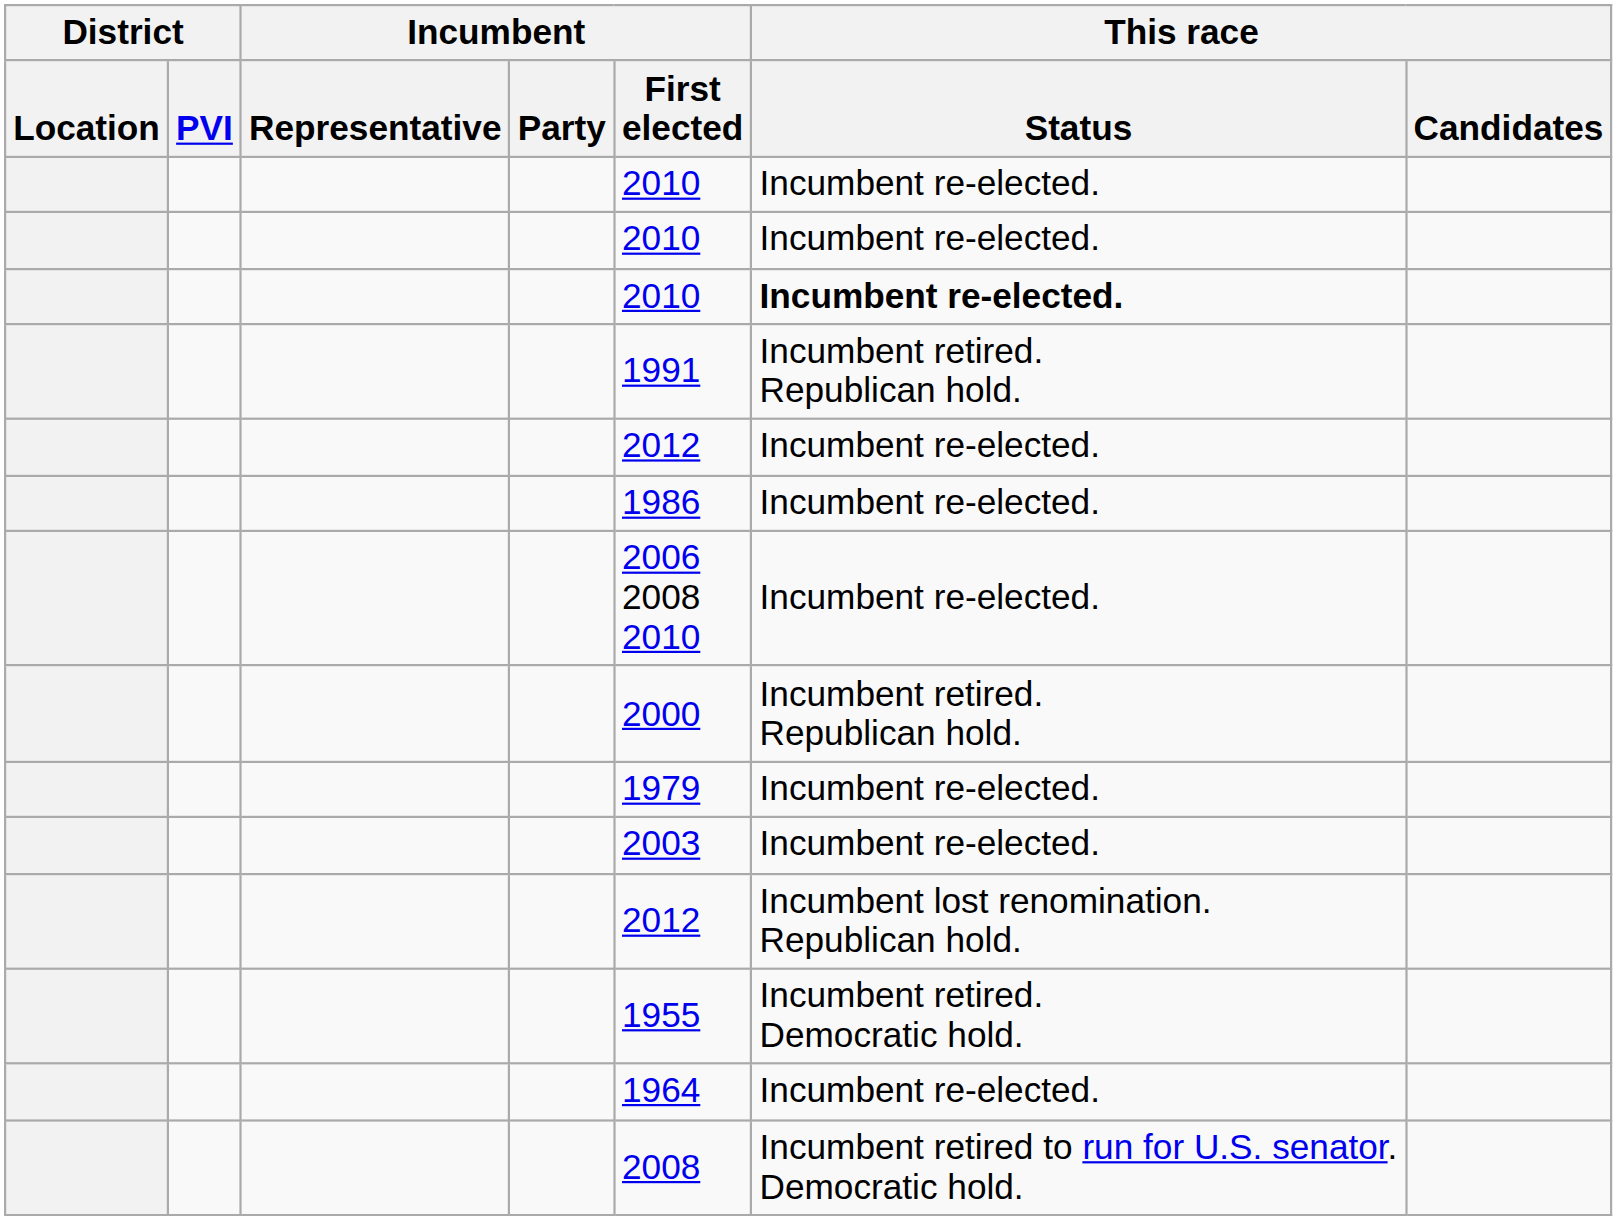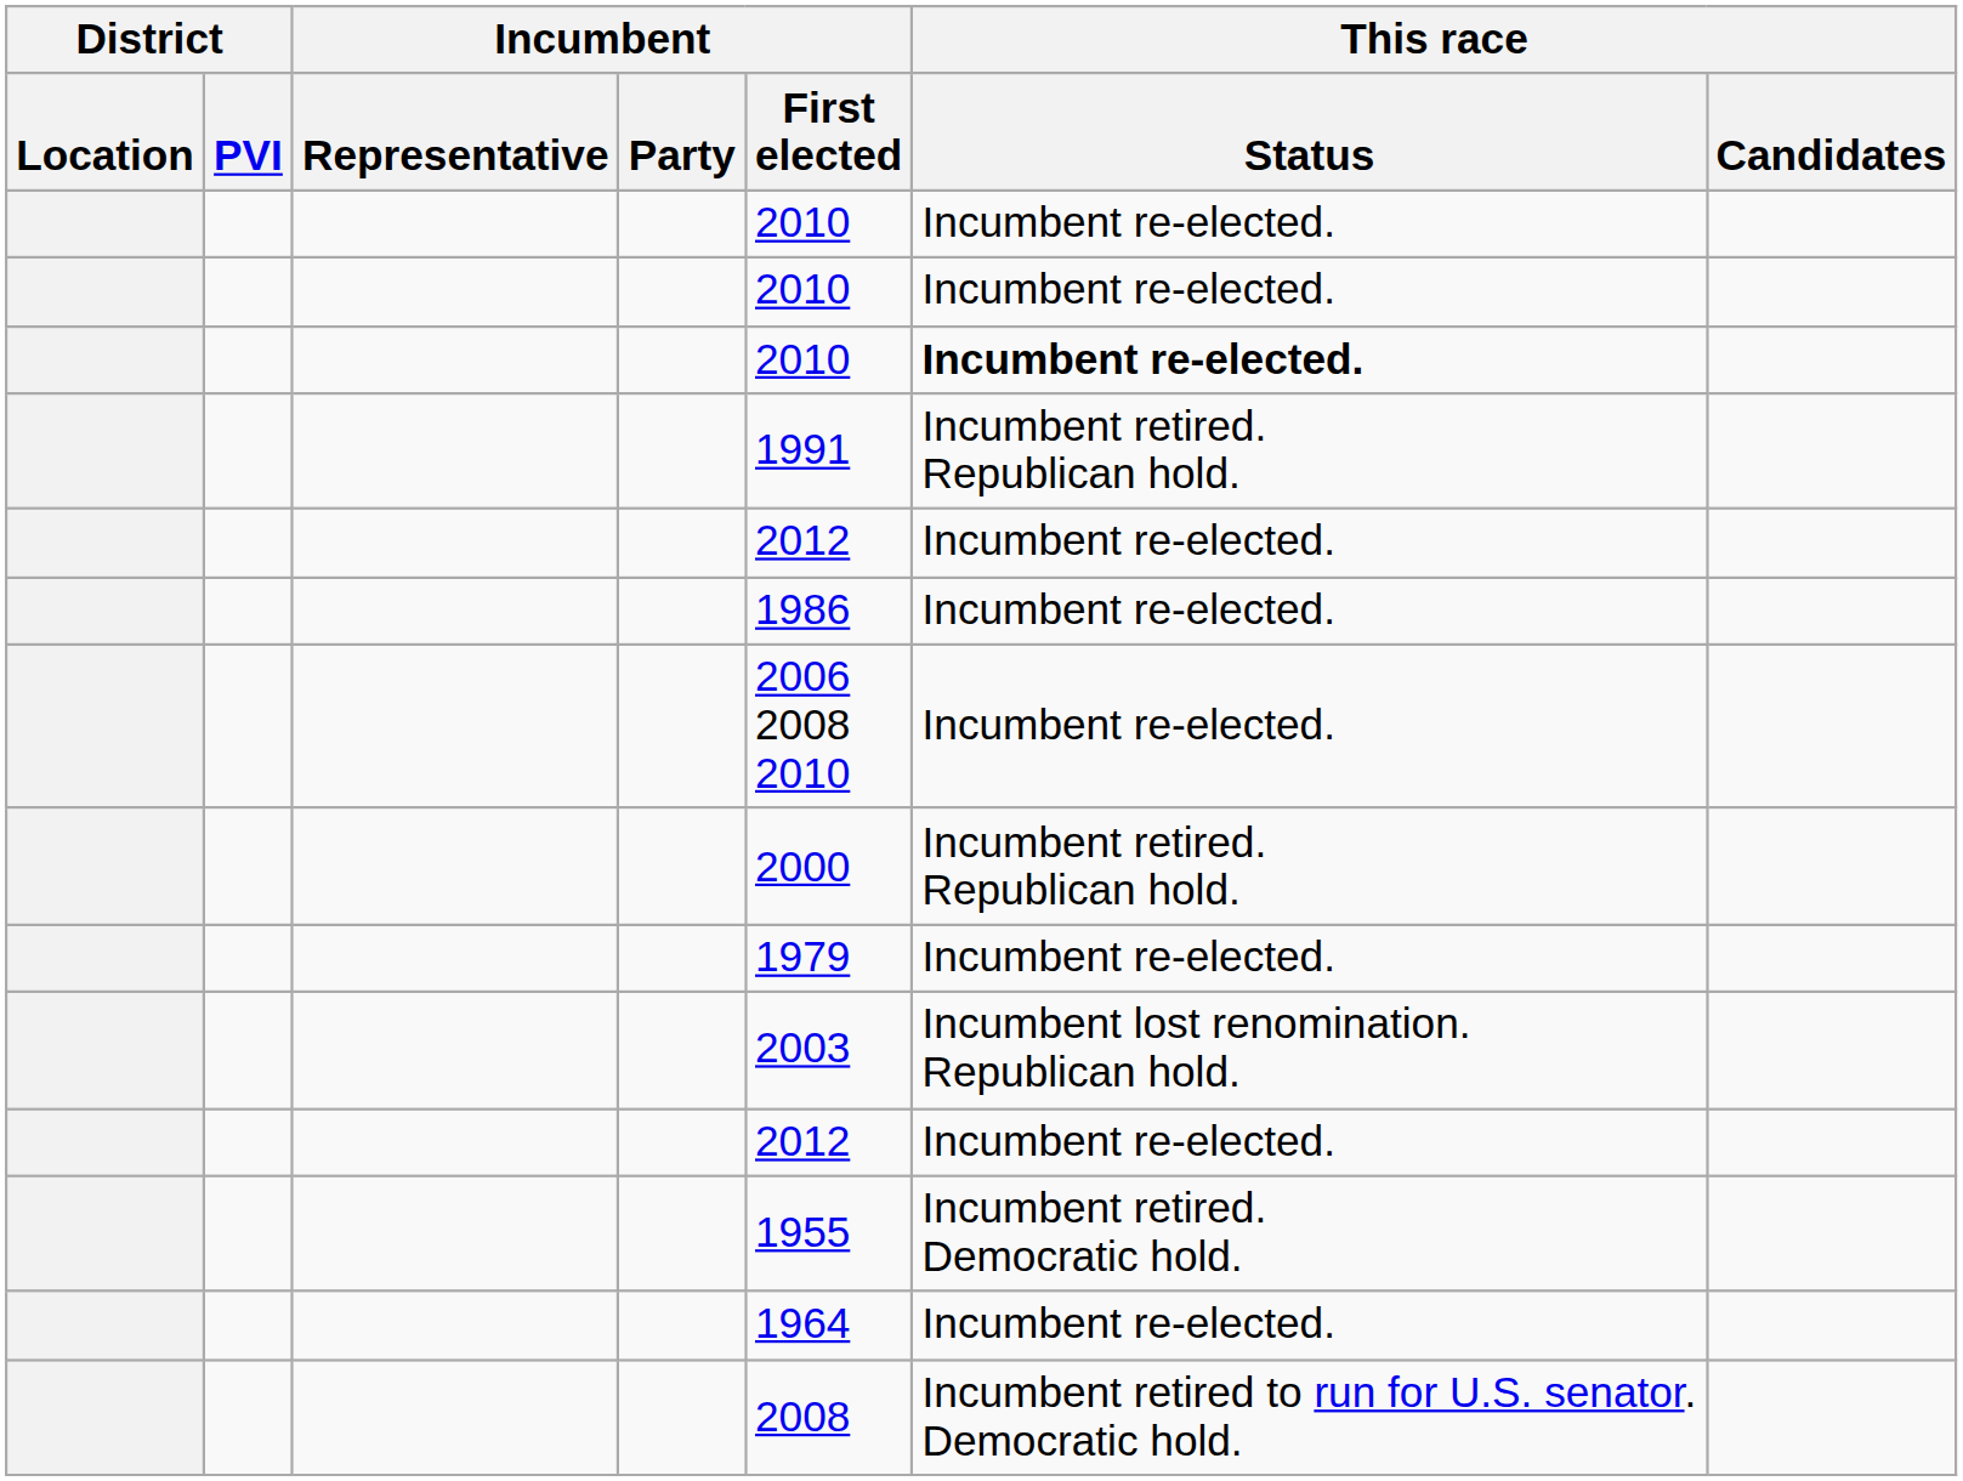 <table class="wikitable sortable">
 <tr valign=bottom>
 <th colspan=2>District</th>
 <th colspan=3>Incumbent</th>
 <th colspan=2>This race</th>
 </tr>
 <tr valign=bottom>
 <th>Location</th>
 <th><a href='#'>PVI</a></th>
 <th>Representative</th>
 <th>Party</th>
 <th>First<br>elected</th>
 <th>Status</th>
 <th>Candidates</th>
 </tr>
 <tr>
 <th></th>
 <td></td>
 <td></td>
 <td></td>
 <td><a href='#'>2010</a></td>
 <td>Incumbent re-elected.</td>
 <td nowrap></td>
 </tr>
 <tr>
 <th></th>
 <td></td>
 <td></td>
 <td></td>
 <td><a href='#'>2010</a></td>
 <td>Incumbent re-elected.</td>
 <td nowrap></td>
 </tr>
 <tr>
 <th></th>
 <td></td>
 <td></td>
 <td></td>
 <td><a href='#'>2010</a></td>
 <td><strong>Incumbent re-elected.</strong></td>
 <td nowrap></td>
 </tr>
 <tr>
 <th></th>
 <td></td>
 <td></td>
 <td></td>
 <td><a href='#'>1991</a></td>
 <td>Incumbent retired.<br>Republican hold.</td>
 <td nowrap></td>
 </tr>
 <tr>
 <th></th>
 <td></td>
 <td></td>
 <td></td>
 <td><a href='#'>2012</a></td>
 <td>Incumbent re-elected.</td>
 <td nowrap></td>
 </tr>
 <tr>
 <th></th>
 <td></td>
 <td></td>
 <td></td>
 <td><a href='#'>1986</a></td>
 <td>Incumbent re-elected.</td>
 <td nowrap></td>
 </tr>
 <tr>
 <th></th>
 <td></td>
 <td></td>
 <td></td>
 <td><a href='#'>2006</a><br>2008 <br><a href='#'>2010</a></td>
 <td>Incumbent re-elected.</td>
 <td nowrap></td>
 </tr>
 <tr>
 <th></th>
 <td></td>
 <td></td>
 <td></td>
 <td><a href='#'>2000</a></td>
 <td>Incumbent retired.<br>Republican hold.</td>
 <td nowrap><br></td>
 </tr>
 <tr>
 <th></th>
 <td></td>
 <td></td>
 <td></td>
 <td><a href='#'>1979</a></td>
 <td>Incumbent re-elected.</td>
 <td nowrap></td>
 </tr>
 <tr>
 <th></th>
 <td></td>
 <td></td>
 <td></td>
 <td><a href='#'>2003</a></td>
-<td>Incumbent re-elected.</td>
+<td>Incumbent lost renomination.<br>Republican hold.</td>
 <td nowrap></td>
 </tr>
 <tr>
 <th></th>
 <td></td>
 <td></td>
 <td></td>
 <td><a href='#'>2012</a></td>
-<td>Incumbent lost renomination.<br>Republican hold.</td>
+<td>Incumbent re-elected.</td>
 <td nowrap></td>
 </tr>
 <tr>
 <th></th>
 <td></td>
 <td></td>
 <td></td>
 <td><a href='#'>1955 </a></td>
 <td>Incumbent retired.<br>Democratic hold.</td>
 <td nowrap></td>
 </tr>
 <tr>
 <th></th>
 <td></td>
 <td></td>
 <td></td>
 <td><a href='#'>1964</a></td>
 <td>Incumbent re-elected.</td>
 <td nowrap></td>
 </tr>
 <tr>
 <th></th>
 <td></td>
 <td></td>
 <td></td>
 <td><a href='#'>2008</a></td>
 <td>Incumbent retired to <a href='#'>run for U.S. senator</a>.<br>Democratic hold.</td>
 <td nowrap></td>
 </tr>
 </table>
